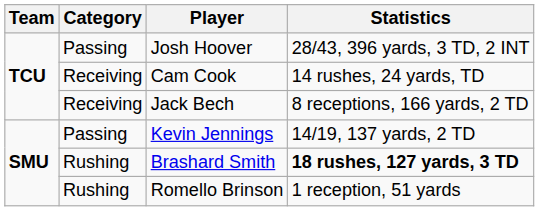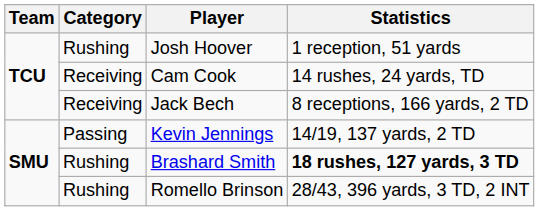 <table class="wikitable" style="float: right;">
 <tr>
 <th>Team</th>
 <th>Category</th>
 <th>Player</th>
 <th>Statistics</th>
 </tr>
 <tr>
 <td rowspan=3><strong>TCU</strong></td>
-<td>Passing</td>
+<td>Rushing</td>
 <td>Josh Hoover</td>
-<td>28/43, 396 yards, 3 TD, 2 INT</td>
+<td>1 reception, 51 yards</td>
 </tr>
 <tr>
 <td>Receiving</td>
 <td>Cam Cook</td>
 <td>14 rushes, 24 yards, TD</td>
 </tr>
 <tr>
 <td>Receiving</td>
 <td>Jack Bech</td>
 <td>8 receptions, 166 yards, 2 TD</td>
 </tr>
 <tr>
 <td rowspan=3><strong>SMU</strong></td>
 <td>Passing</td>
 <td><a href='#'>Kevin Jennings</a></td>
 <td>14/19, 137 yards, 2 TD</td>
 </tr>
 <tr>
 <td>Rushing</td>
 <td><a href='#'>Brashard Smith</a></td>
 <td><strong>18 rushes, 127 yards, 3 TD</strong></td>
 </tr>
 <tr>
 <td>Rushing</td>
 <td>Romello Brinson</td>
-<td>1 reception, 51 yards</td>
+<td>28/43, 396 yards, 3 TD, 2 INT</td>
 </tr>
 </table>
